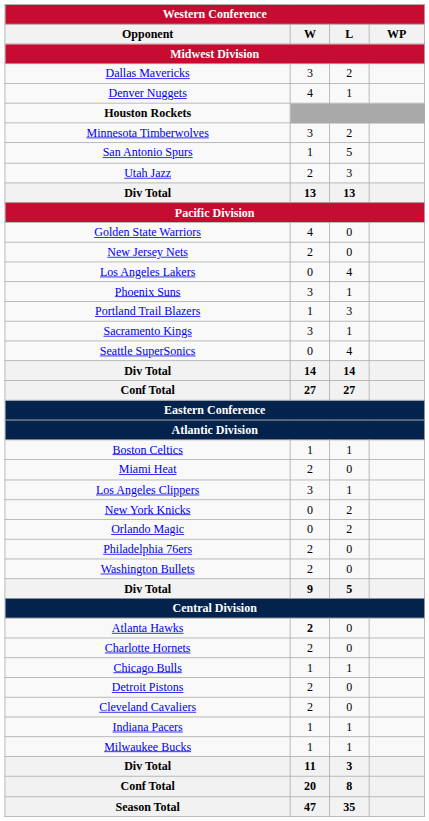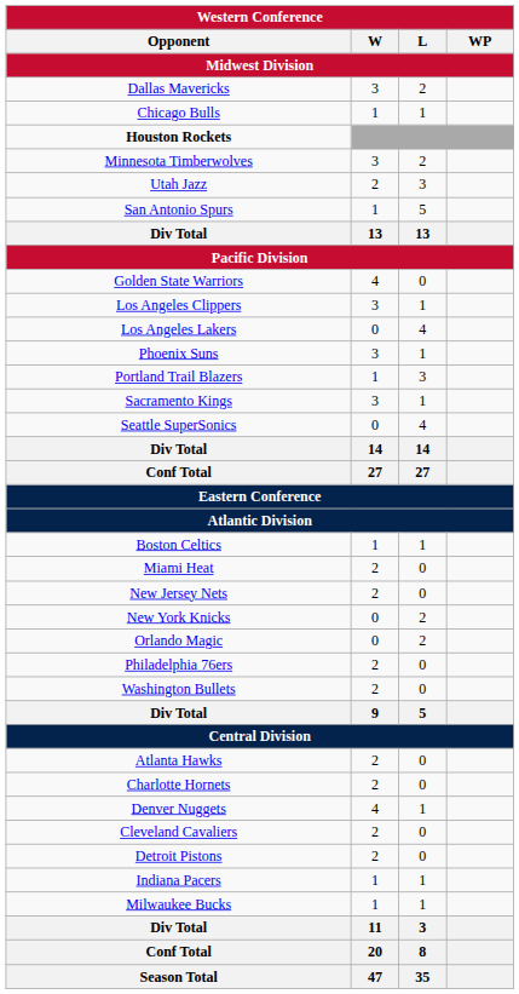 <table class="wikitable" style="margin:1em auto; font-size:95%; text-align:center; width:35em;">
 <tr>
 <th colspan="4" style="background:#c60c30; color:#ffffff;">Western Conference</th>
 </tr>
 <tr>
 <th>Opponent</th>
 <th>W</th>
 <th>L</th>
 <th>WP</th>
 </tr>
 <tr>
 <th colspan="4" style="background:#c60c30; color:#ffffff;">Midwest Division</th>
 </tr>
 <tr>
 <td><a href='#'><span>Dallas Mavericks</span></a></td>
 <td>3</td>
 <td>2</td>
 <td></td>
 </tr>
 <tr>
-<td><a href='#'><span>Denver Nuggets</span></a></td>
-<td>4</td>
+<td><a href='#'><span>Chicago Bulls</span></a></td>
+<td>1</td>
 <td>1</td>
 <td></td>
 </tr>
 <tr>
 <td><span><strong>Houston Rockets</strong></span></td>
 <td colspan=3 style="background:darkgray;"></td>
 </tr>
 <tr>
 <td><a href='#'><span>Minnesota Timberwolves</span></a></td>
 <td>3</td>
 <td>2</td>
 <td></td>
 </tr>
 <tr>
+<td><a href='#'><span>Utah Jazz</span></a></td>
+<td>2</td>
+<td>3</td>
+<td></td>
+</tr>
+<tr>
 <td><a href='#'><span>San Antonio Spurs</span></a></td>
 <td>1</td>
 <td>5</td>
-<td></td>
-</tr>
-<tr>
-<td><a href='#'><span>Utah Jazz</span></a></td>
-<td>2</td>
-<td>3</td>
 <td></td>
 </tr>
 <tr>
 <th>Div Total</th>
 <th>13</th>
 <th>13</th>
 <th></th>
 </tr>
 <tr>
 <th colspan="4" style="background:#c60c30; color:#ffffff;">Pacific Division</th>
 </tr>
 <tr>
 <td><a href='#'><span>Golden State Warriors</span></a></td>
 <td>4</td>
 <td>0</td>
 <td></td>
 </tr>
 <tr>
-<td><a href='#'><span>New Jersey Nets</span></a></td>
-<td>2</td>
-<td>0</td>
+<td><a href='#'><span>Los Angeles Clippers</span></a></td>
+<td>3</td>
+<td>1</td>
 <td></td>
 </tr>
 <tr>
 <td><a href='#'><span>Los Angeles Lakers</span></a></td>
 <td>0</td>
 <td>4</td>
 <td></td>
 </tr>
 <tr>
 <td><a href='#'><span>Phoenix Suns</span></a></td>
 <td>3</td>
 <td>1</td>
 <td></td>
 </tr>
 <tr>
 <td><a href='#'><span>Portland Trail Blazers</span></a></td>
 <td>1</td>
 <td>3</td>
 <td></td>
 </tr>
 <tr>
 <td><a href='#'><span>Sacramento Kings</span></a></td>
 <td>3</td>
 <td>1</td>
 <td></td>
 </tr>
 <tr>
 <td><a href='#'><span>Seattle SuperSonics</span></a></td>
 <td>0</td>
 <td>4</td>
 <td></td>
 </tr>
 <tr>
 <th>Div Total</th>
 <th>14</th>
 <th>14</th>
 <th></th>
 </tr>
 <tr>
 <th>Conf Total</th>
 <th>27</th>
 <th>27</th>
 <th></th>
 </tr>
 <tr>
 <th colspan="4" style="background:#03224c; color:#ffffff;">Eastern Conference</th>
 </tr>
 <tr>
 <th colspan="4" style="background:#03224c; color:#ffffff;">Atlantic Division</th>
 </tr>
 <tr>
 <td><a href='#'><span>Boston Celtics</span></a></td>
 <td>1</td>
 <td>1</td>
 <td></td>
 </tr>
 <tr>
 <td><a href='#'><span>Miami Heat</span></a></td>
 <td>2</td>
 <td>0</td>
 <td></td>
 </tr>
 <tr>
-<td><a href='#'><span>Los Angeles Clippers</span></a></td>
-<td>3</td>
-<td>1</td>
+<td><a href='#'><span>New Jersey Nets</span></a></td>
+<td>2</td>
+<td>0</td>
 <td></td>
 </tr>
 <tr>
 <td><a href='#'><span>New York Knicks</span></a></td>
 <td>0</td>
 <td>2</td>
 <td></td>
 </tr>
 <tr>
 <td><a href='#'><span>Orlando Magic</span></a></td>
 <td>0</td>
 <td>2</td>
 <td></td>
 </tr>
 <tr>
 <td><a href='#'><span>Philadelphia 76ers</span></a></td>
 <td>2</td>
 <td>0</td>
 <td></td>
 </tr>
 <tr>
 <td><a href='#'><span>Washington Bullets</span></a></td>
 <td>2</td>
 <td>0</td>
 <td></td>
 </tr>
 <tr>
 <th>Div Total</th>
 <th>9</th>
 <th>5</th>
 <th></th>
 </tr>
 <tr>
 <th colspan="4" style="background:#03224c; color:#ffffff;">Central Division</th>
 </tr>
 <tr>
 <td><a href='#'><span>Atlanta Hawks</span></a></td>
-<td><strong>2</strong></td>
+<td>2</td>
 <td>0</td>
 <td></td>
 </tr>
 <tr>
 <td><a href='#'><span>Charlotte Hornets</span></a></td>
 <td>2</td>
 <td>0</td>
 <td></td>
 </tr>
 <tr>
-<td><a href='#'><span>Chicago Bulls</span></a></td>
-<td>1</td>
+<td><a href='#'><span>Denver Nuggets</span></a></td>
+<td>4</td>
 <td>1</td>
 <td></td>
 </tr>
 <tr>
-<td><a href='#'><span>Detroit Pistons</span></a></td>
+<td><a href='#'><span>Cleveland Cavaliers</span></a></td>
 <td>2</td>
 <td>0</td>
 <td></td>
 </tr>
 <tr>
-<td><a href='#'><span>Cleveland Cavaliers</span></a></td>
+<td><a href='#'><span>Detroit Pistons</span></a></td>
 <td>2</td>
 <td>0</td>
 <td></td>
 </tr>
 <tr>
 <td><a href='#'><span>Indiana Pacers</span></a></td>
 <td>1</td>
 <td>1</td>
 <td></td>
 </tr>
 <tr>
 <td><a href='#'><span>Milwaukee Bucks</span></a></td>
 <td>1</td>
 <td>1</td>
 <td></td>
 </tr>
 <tr>
 <th>Div Total</th>
 <th>11</th>
 <th>3</th>
 <th></th>
 </tr>
 <tr>
 <th>Conf Total</th>
 <th>20</th>
 <th>8</th>
 <th></th>
 </tr>
 <tr>
 <th>Season Total</th>
 <th>47</th>
 <th>35</th>
 <th></th>
 </tr>
 </table>
